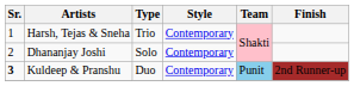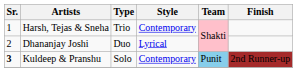 <table class="wikitable">
 <tr>
 <th>Sr.</th>
 <th>Artists</th>
 <th>Type</th>
 <th>Style</th>
 <th>Team</th>
 <th>Finish</th>
 </tr>
 <tr>
 <td>1</td>
 <td>Harsh, Tejas & Sneha</td>
 <td>Trio</td>
 <td><a href='#'>Contemporary</a></td>
 <td rowspan=2 style="background:pink;">Shakti</td>
 <td></td>
 </tr>
 <tr>
 <td>2</td>
 <td>Dhananjay Joshi</td>
-<td>Solo</td>
-<td><a href='#'>Contemporary</a></td>
+<td>Duo</td>
+<td><a href='#'>Lyrical</a></td>
 <td></td>
 </tr>
 <tr>
 <td><strong>3</strong></td>
 <td>Kuldeep & Pranshu</td>
-<td>Duo</td>
+<td>Solo</td>
 <td><a href='#'>Contemporary</a></td>
 <td style="background:#87ceeb;">Punit</td>
 <td style="background:brown;">2nd Runner-up</td>
 </tr>
 <tr>
 </tr>
 </table>
